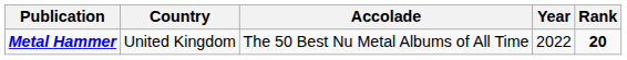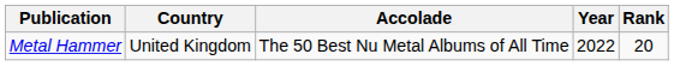 <table class="wikitable">
 <tr>
 <th>Publication</th>
 <th>Country</th>
 <th>Accolade</th>
 <th>Year</th>
 <th>Rank</th>
 </tr>
 <tr>
-<td><strong><em><a href='#'>Metal Hammer</a></em></strong></td>
+<td><em><a href='#'>Metal Hammer</a></em></td>
 <td>United Kingdom</td>
 <td>The 50 Best Nu Metal Albums of All Time</td>
 <td>2022</td>
-<td align="center"><strong>20</strong></td>
+<td align="center">20</td>
 </tr>
 </table>
